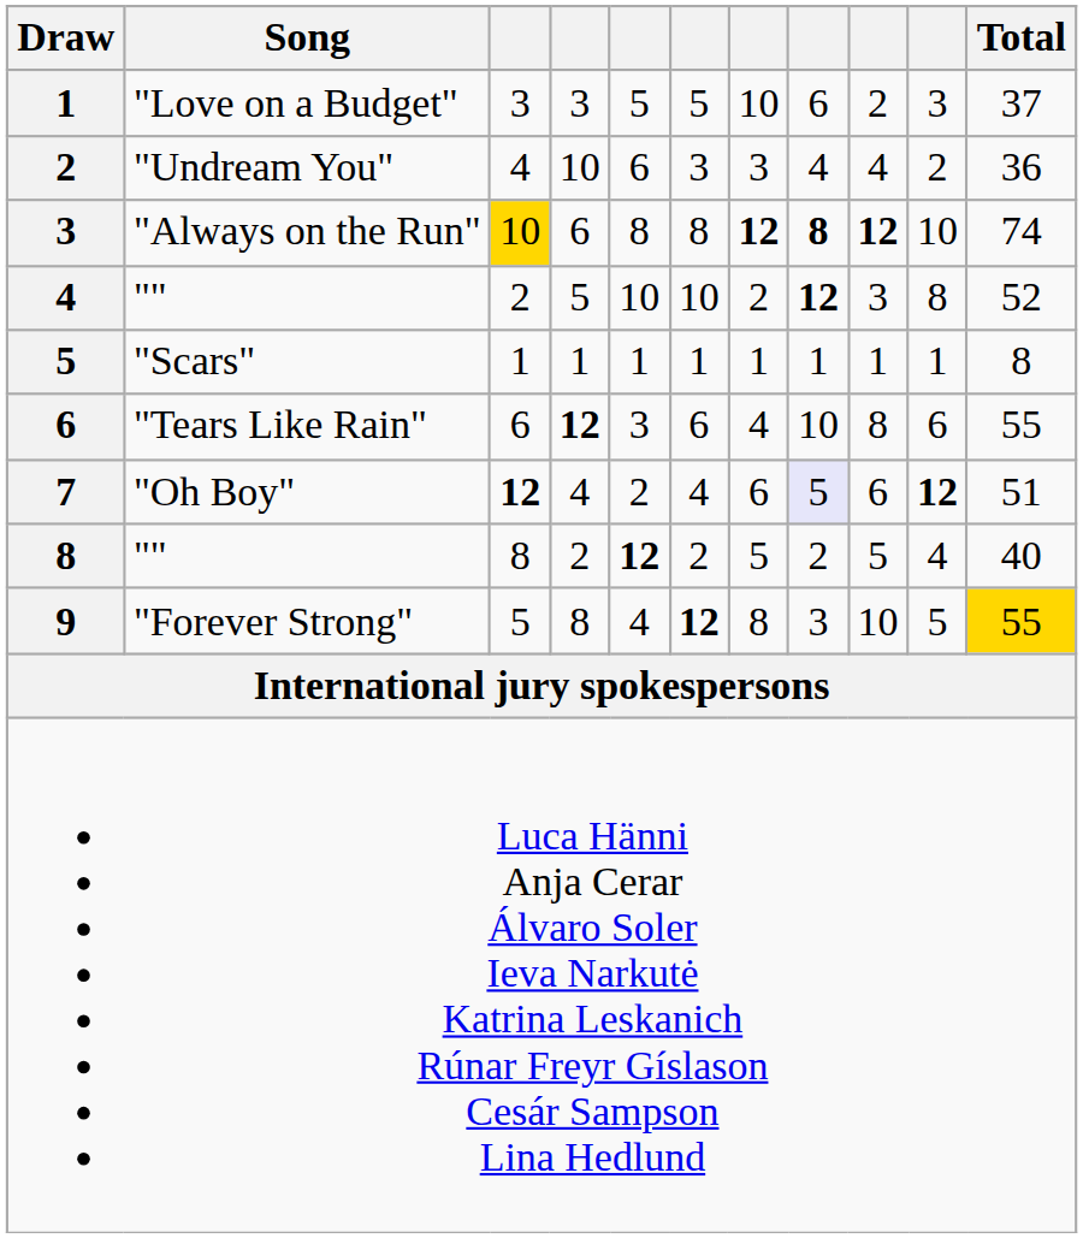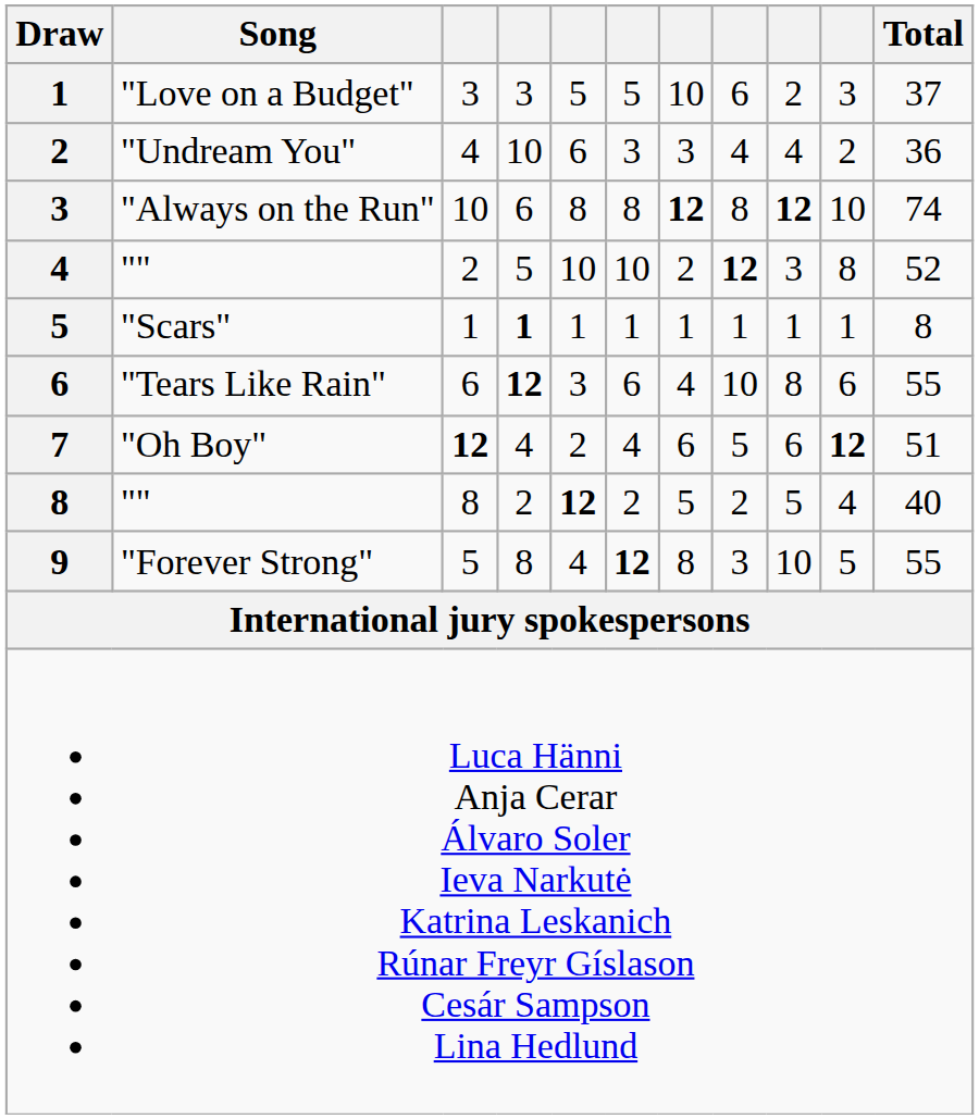 <table class="wikitable collapsible plainrowheaders" style="margin: 1em auto 1em auto; text-align:center;">
 <tr>
 <th>Draw</th>
 <th>Song</th>
 <th></th>
 <th></th>
 <th></th>
 <th></th>
 <th></th>
 <th></th>
 <th></th>
 <th></th>
 <th>Total</th>
 </tr>
 <tr>
 <th scope="row" style="text-align:center;">1</th>
 <td align="left">"Love on a Budget"</td>
 <td>3</td>
 <td>3</td>
 <td>5</td>
 <td>5</td>
 <td>10</td>
 <td>6</td>
 <td>2</td>
 <td>3</td>
 <td>37</td>
 </tr>
 <tr>
 <th scope="row" style="text-align:center;">2</th>
 <td align="left">"Undream You"</td>
 <td>4</td>
 <td>10</td>
 <td>6</td>
 <td>3</td>
 <td>3</td>
 <td>4</td>
 <td>4</td>
 <td>2</td>
 <td>36</td>
 </tr>
 <tr>
 <th scope="row" style="text-align:center;">3</th>
 <td align="left">"Always on the Run"</td>
-<td style="background: gold;">10</td>
+<td>10</td>
 <td>6</td>
 <td>8</td>
 <td>8</td>
 <td><strong>12</strong></td>
-<td><strong>8</strong></td>
+<td>8</td>
 <td><strong>12</strong></td>
 <td>10</td>
 <td>74</td>
 </tr>
 <tr>
 <th scope="row" style="text-align:center;">4</th>
 <td align="left">""</td>
 <td>2</td>
 <td>5</td>
 <td>10</td>
 <td>10</td>
 <td>2</td>
 <td><strong>12</strong></td>
 <td>3</td>
 <td>8</td>
 <td>52</td>
 </tr>
 <tr>
 <th scope="row" style="text-align:center;">5</th>
 <td align="left">"Scars"</td>
 <td>1</td>
-<td>1</td>
+<td><strong>1</strong></td>
 <td>1</td>
 <td>1</td>
 <td>1</td>
 <td>1</td>
 <td>1</td>
 <td>1</td>
 <td>8</td>
 </tr>
 <tr>
 <th scope="row" style="text-align:center;">6</th>
 <td align="left">"Tears Like Rain"</td>
 <td>6</td>
 <td><strong>12</strong></td>
 <td>3</td>
 <td>6</td>
 <td>4</td>
 <td>10</td>
 <td>8</td>
 <td>6</td>
 <td>55</td>
 </tr>
 <tr>
 <th scope="row" style="text-align:center;">7</th>
 <td align="left">"Oh Boy"</td>
 <td><strong>12</strong></td>
 <td>4</td>
 <td>2</td>
 <td>4</td>
 <td>6</td>
-<td style="background: lavender;">5</td>
+<td>5</td>
 <td>6</td>
 <td><strong>12</strong></td>
 <td>51</td>
 </tr>
 <tr>
 <th scope="row" style="text-align:center;">8</th>
 <td align="left">""</td>
 <td>8</td>
 <td>2</td>
 <td><strong>12</strong></td>
 <td>2</td>
 <td>5</td>
 <td>2</td>
 <td>5</td>
 <td>4</td>
 <td>40</td>
 </tr>
 <tr>
 <th scope="row" style="text-align:center;">9</th>
 <td align="left">"Forever Strong"</td>
 <td>5</td>
 <td>8</td>
 <td>4</td>
 <td><strong>12</strong></td>
 <td>8</td>
 <td>3</td>
 <td>10</td>
 <td>5</td>
-<td style="background: gold;">55</td>
+<td>55</td>
 </tr>
 <tr>
 <th colspan="11">International jury spokespersons</th>
 </tr>
 <tr>
 <td colspan="11"><br><ul><li><a href='#'>Luca Hänni</a></li><li>Anja Cerar</li><li><a href='#'>Álvaro Soler</a></li><li><a href='#'>Ieva Narkutė</a></li><li> <a href='#'>Katrina Leskanich</a></li><li><a href='#'>Rúnar Freyr Gíslason</a></li><li><a href='#'>Cesár Sampson</a></li><li><a href='#'>Lina Hedlund</a></li></ul></td>
 </tr>
 </table>
